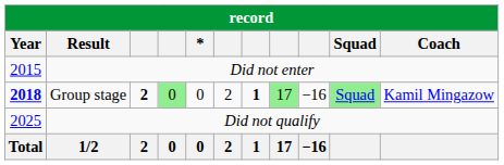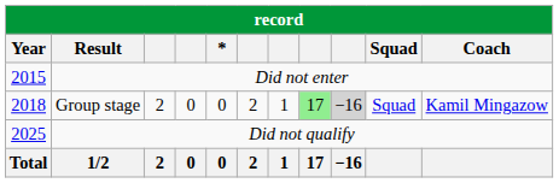 <table class="wikitable mw-collapsible" style="text-align: center;font-size:95%;">
 <tr>
 <th colspan="11" style="background: #009739; color: #FFFFFF;"><a href='#'></a> record</th>
 </tr>
 <tr>
 <th>Year</th>
 <th>Result</th>
 <th width=20></th>
 <th width=20></th>
 <th width=20>*</th>
 <th width=20></th>
 <th width=20></th>
 <th width=20></th>
 <th width=20></th>
 <th>Squad</th>
 <th>Coach</th>
 </tr>
 <tr>
 <td> <a href='#'>2015</a></td>
 <td colspan=10><em>Did not enter</em></td>
 </tr>
 <tr>
-<td><strong> <a href='#'>2018</a></strong></td>
+<td> <a href='#'>2018</a></td>
 <td>Group stage</td>
-<td><strong>2</strong></td>
-<td style="background: lightgreen;">0</td>
+<td>2</td>
+<td>0</td>
 <td>0</td>
 <td>2</td>
-<td><strong>1</strong></td>
+<td>1</td>
 <td style="background: lightgreen;">17</td>
-<td>−16</td>
-<td style="background: lightgreen;"><a href='#'>Squad</a></td>
+<td style="background: lightgrey;">−16</td>
+<td><a href='#'>Squad</a></td>
 <td><a href='#'>Kamil Mingazow</a></td>
 </tr>
 <tr>
 <td> <a href='#'>2025</a></td>
 <td colspan=10><em>Did not qualify</em></td>
 </tr>
 <tr>
 <th>Total</th>
 <th>1/2</th>
 <th>2</th>
 <th>0</th>
 <th>0</th>
 <th>2</th>
 <th>1</th>
 <th>17</th>
 <th>−16</th>
 <th></th>
 <th></th>
 </tr>
 </table>
